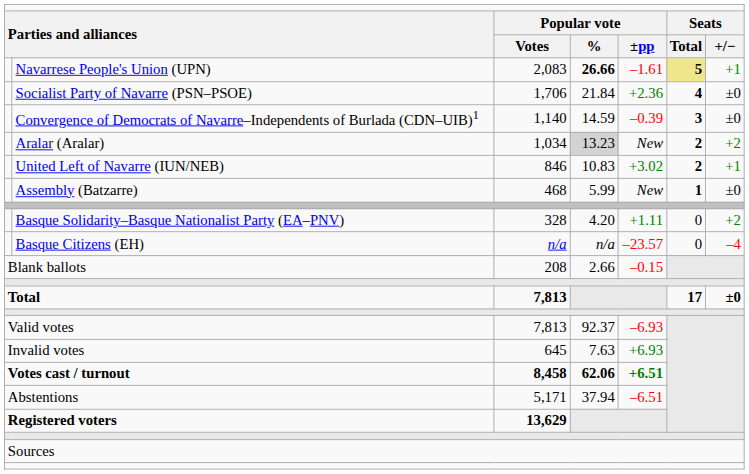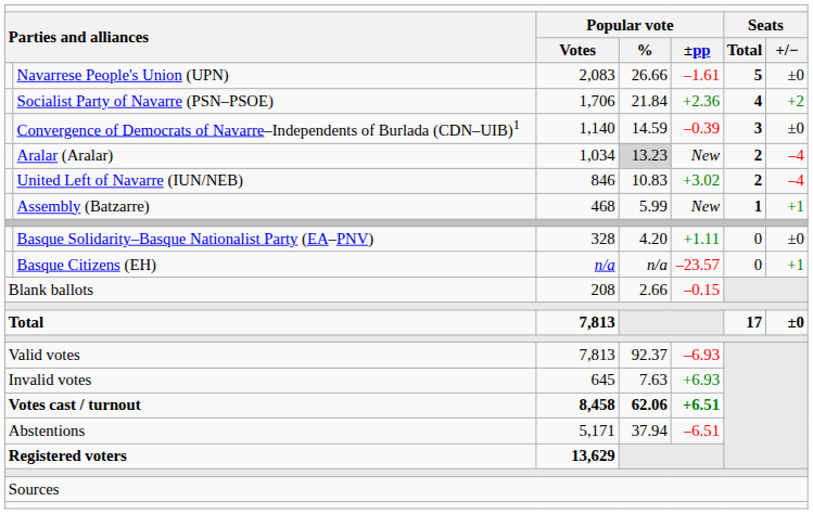 <table class="wikitable" style="text-align:right;">
 <tr>
 <td colspan="7"></td>
 </tr>
 <tr>
 <th style="text-align:left;" rowspan="2" colspan="2" width="525">Parties and alliances</th>
 <th colspan="3">Popular vote</th>
 <th colspan="2">Seats</th>
 </tr>
 <tr>
 <th width="75">Votes</th>
 <th width="45">%</th>
 <th width="45">±<a href='#'>pp</a></th>
 <th width="35">Total</th>
 <th width="35">+/−</th>
 </tr>
 <tr>
 <td width="1" style="color:inherit;background:"></td>
 <td align="left"><a href='#'>Navarrese People's Union</a> (UPN)</td>
 <td>2,083</td>
-<td><strong>26.66</strong></td>
+<td>26.66</td>
 <td style="color:red;">–1.61</td>
-<td style="background: khaki;"><strong>5</strong></td>
-<td style="color:green;">+1</td>
+<td><strong>5</strong></td>
+<td>±0</td>
 </tr>
 <tr>
 <td style="color:inherit;background:"></td>
 <td align="left"><a href='#'>Socialist Party of Navarre</a> (PSN–PSOE)</td>
 <td>1,706</td>
 <td>21.84</td>
 <td style="color:green;">+2.36</td>
 <td><strong>4</strong></td>
-<td>±0</td>
+<td style="color:green;">+2</td>
 </tr>
 <tr>
 <td style="color:inherit;background:"></td>
 <td align="left"><a href='#'>Convergence of Democrats of Navarre</a>–Independents of Burlada (CDN–UIB)<sup>1</sup></td>
 <td>1,140</td>
 <td>14.59</td>
 <td style="color:red;">–0.39</td>
 <td><strong>3</strong></td>
 <td>±0</td>
 </tr>
 <tr>
 <td style="color:inherit;background:"></td>
 <td align="left"><a href='#'>Aralar</a> (Aralar)</td>
 <td>1,034</td>
 <td style="background: lightgrey;">13.23</td>
 <td><em>New</em></td>
 <td><strong>2</strong></td>
-<td style="color:green;">+2</td>
+<td style="color:red;">–4</td>
 </tr>
 <tr>
 <td style="color:inherit;background:"></td>
 <td align="left"><a href='#'>United Left of Navarre</a> (IUN/NEB)</td>
 <td>846</td>
 <td>10.83</td>
 <td style="color:green;">+3.02</td>
 <td><strong>2</strong></td>
-<td style="color:green;">+1</td>
+<td style="color:red;">–4</td>
 </tr>
 <tr>
 <td style="color:inherit;background:"></td>
 <td align="left"><a href='#'>Assembly</a> (Batzarre)</td>
 <td>468</td>
 <td>5.99</td>
 <td><em>New</em></td>
 <td><strong>1</strong></td>
-<td>±0</td>
+<td style="color:green;">+1</td>
 </tr>
 <tr>
 <td colspan="7" bgcolor="#C0C0C0"></td>
 </tr>
 <tr>
 <td style="color:inherit;background:"></td>
 <td align="left"><a href='#'>Basque Solidarity–Basque Nationalist Party</a> (<a href='#'>EA</a>–<a href='#'>PNV</a>)</td>
 <td>328</td>
 <td>4.20</td>
 <td style="color:green;">+1.11</td>
 <td>0</td>
-<td style="color:green;">+2</td>
+<td>±0</td>
 </tr>
 <tr>
 <td style="color:inherit;background:"></td>
 <td align="left"><a href='#'>Basque Citizens</a> (EH)</td>
 <td><em><a href='#'>n/a</a></em></td>
 <td><em>n/a</em></td>
 <td style="color:red;">–23.57</td>
 <td>0</td>
-<td style="color:red;">–4</td>
+<td style="color:green;">+1</td>
 </tr>
 <tr>
 <td align="left" colspan="2">Blank ballots</td>
 <td>208</td>
 <td>2.66</td>
 <td style="color:red;">–0.15</td>
 <td bgcolor="#E9E9E9" colspan="2"></td>
 </tr>
 <tr>
 <td colspan="7" bgcolor="#E9E9E9"></td>
 </tr>
 <tr style="font-weight:bold;">
 <td align="left" colspan="2">Total</td>
 <td>7,813</td>
 <td bgcolor="#E9E9E9" colspan="2"></td>
 <td>17</td>
 <td>±0</td>
 </tr>
 <tr>
 <td colspan="7" bgcolor="#E9E9E9"></td>
 </tr>
 <tr>
 <td align="left" colspan="2">Valid votes</td>
 <td>7,813</td>
 <td>92.37</td>
 <td style="color:red;">–6.93</td>
 <td bgcolor="#E9E9E9" colspan="2" rowspan="5"></td>
 </tr>
 <tr>
 <td align="left" colspan="2">Invalid votes</td>
 <td>645</td>
 <td>7.63</td>
 <td style="color:green;">+6.93</td>
 </tr>
 <tr style="font-weight:bold;">
 <td align="left" colspan="2">Votes cast / turnout</td>
 <td>8,458</td>
 <td>62.06</td>
 <td style="color:green;">+6.51</td>
 </tr>
 <tr>
 <td align="left" colspan="2">Abstentions</td>
 <td>5,171</td>
 <td>37.94</td>
 <td style="color:red;">–6.51</td>
 </tr>
 <tr style="font-weight:bold;">
 <td align="left" colspan="2">Registered voters</td>
 <td>13,629</td>
 <td bgcolor="#E9E9E9" colspan="2"></td>
 </tr>
 <tr>
 <td colspan="7" bgcolor="#E9E9E9"></td>
 </tr>
 <tr>
 <td align="left" colspan="7">Sources</td>
 </tr>
 <tr>
 <td colspan="7" style="text-align:left; max-width:790px;"></td>
 </tr>
 </table>
